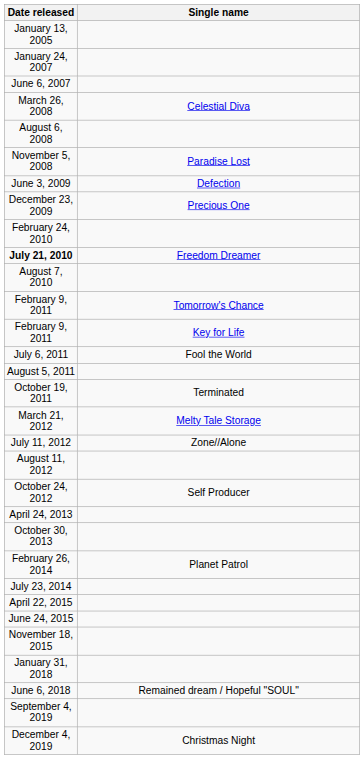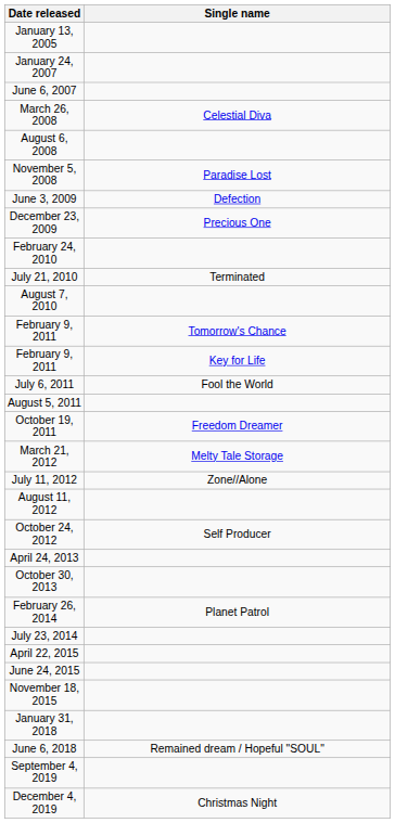 <table class="wikitable" style="text-align:center; width:44%">
 <tr>
 <th style="width:20%;">Date released</th>
 <th style="width:77%;">Single name</th>
 </tr>
 <tr>
 <td>January 13, 2005</td>
 <td></td>
 </tr>
 <tr>
 <td>January 24, 2007</td>
 <td></td>
 </tr>
 <tr>
 <td>June 6, 2007</td>
 <td></td>
 </tr>
 <tr>
 <td>March 26, 2008</td>
 <td><a href='#'>Celestial Diva</a></td>
 </tr>
 <tr>
 <td>August 6, 2008</td>
 <td></td>
 </tr>
 <tr>
 <td>November 5, 2008</td>
 <td><a href='#'>Paradise Lost</a></td>
 </tr>
 <tr>
 <td>June 3, 2009</td>
 <td><a href='#'>Defection</a></td>
 </tr>
 <tr>
 <td>December 23, 2009</td>
 <td><a href='#'>Precious One</a></td>
 </tr>
 <tr>
 <td>February 24, 2010</td>
 <td></td>
 </tr>
 <tr>
-<td><strong>July 21, 2010</strong></td>
-<td><a href='#'>Freedom Dreamer</a></td>
+<td>July 21, 2010</td>
+<td>Terminated</td>
 </tr>
 <tr>
 <td>August 7, 2010</td>
 <td></td>
 </tr>
 <tr>
 <td>February 9, 2011</td>
 <td><a href='#'>Tomorrow's Chance</a></td>
 </tr>
 <tr>
 <td>February 9, 2011</td>
 <td><a href='#'>Key for Life</a></td>
 </tr>
 <tr>
 <td>July 6, 2011</td>
 <td>Fool the World</td>
 </tr>
 <tr>
 <td>August 5, 2011</td>
 <td></td>
 </tr>
 <tr>
 <td>October 19, 2011</td>
-<td>Terminated</td>
+<td><a href='#'>Freedom Dreamer</a></td>
 </tr>
 <tr>
 <td>March 21, 2012</td>
 <td><a href='#'>Melty Tale Storage</a></td>
 </tr>
 <tr>
 <td>July 11, 2012</td>
 <td>Zone//Alone</td>
 </tr>
 <tr>
 <td>August 11, 2012</td>
 <td></td>
 </tr>
 <tr>
 <td>October 24, 2012</td>
 <td>Self Producer</td>
 </tr>
 <tr>
 <td>April 24, 2013</td>
 <td></td>
 </tr>
 <tr>
 <td>October 30, 2013</td>
 <td></td>
 </tr>
 <tr>
 <td>February 26, 2014</td>
 <td>Planet Patrol</td>
 </tr>
 <tr>
 <td>July 23, 2014</td>
 <td></td>
 </tr>
 <tr>
 <td>April 22, 2015</td>
 <td></td>
 </tr>
 <tr>
 <td>June 24, 2015</td>
 <td></td>
 </tr>
 <tr>
 <td>November 18, 2015</td>
 <td></td>
 </tr>
 <tr>
 <td>January 31, 2018</td>
 <td></td>
 </tr>
 <tr>
 <td>June 6, 2018</td>
 <td>Remained dream / Hopeful "SOUL"</td>
 </tr>
 <tr>
 <td>September 4, 2019</td>
 <td></td>
 </tr>
 <tr>
 <td>December 4, 2019</td>
 <td>Christmas Night</td>
 </tr>
 </table>
